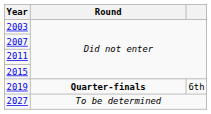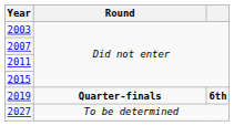 <table class="wikitable" style="text-align: center; font-size:90%">
 <tr>
 <th>Year</th>
 <th style="width:200px">Round</th>
 <th></th>
 </tr>
 <tr>
 <td><a href='#'>2003</a></td>
 <td colspan="2" rowspan="4"><em>Did not enter</em></td>
 </tr>
 <tr>
 <td><a href='#'>2007</a></td>
 </tr>
 <tr>
 <td><a href='#'>2011</a></td>
 </tr>
 <tr>
 <td><a href='#'>2015</a></td>
 </tr>
 <tr>
 <td><a href='#'>2019</a></td>
 <td><strong>Quarter-finals</strong></td>
-<td>6th</td>
+<td><strong>6th</strong></td>
 </tr>
 <tr>
 <td><a href='#'>2027</a></td>
 <td colspan="2"><em>To be determined</em></td>
 </tr>
 </table>
